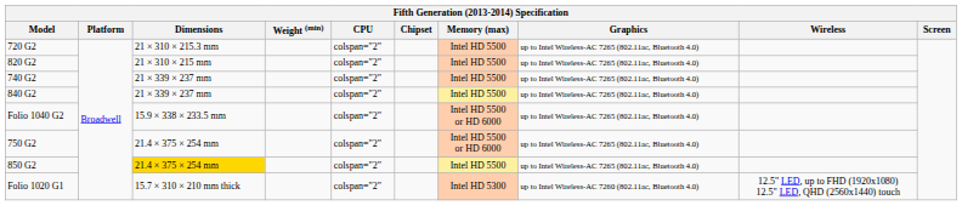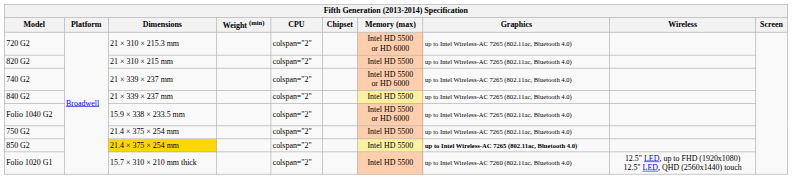 <table class="wikitable mw-collapsible mw-collapsed" style="font-size: 80%; width: 100%;">
 <tr>
 <th colspan="10">Fifth Generation (2013-2014) Specification</th>
 </tr>
 <tr>
 <th>Model</th>
 <th>Platform</th>
 <th>Dimensions</th>
 <th>Weight <sup>(min)</sup></th>
 <th>CPU</th>
 <th>Chipset</th>
 <th>Memory (max)</th>
 <th>Graphics</th>
 <th>Wireless</th>
 <th>Screen</th>
 </tr>
 <tr>
 <td>720 G2</td>
 <td rowspan="8"><a href='#'>Broadwell</a></td>
 <td>21 × 310 × 215.3 mm</td>
 <td></td>
 <td>colspan="2" </td>
 <td></td>
-<td style="text-align:center;background:#ffcead;">Intel HD 5500</td>
+<td style="text-align:center;background:#ffcead;">Intel HD 5500<br>or HD 6000</td>
 <td><small>up to Intel Wireless-AC 7265 (802.11ac, Bluetooth 4.0)</small></td>
 <td></td>
 </tr>
 <tr>
 <td>820 G2</td>
 <td>21 × 310 × 215 mm</td>
 <td></td>
 <td>colspan="2" </td>
 <td></td>
 <td style="text-align:center;background:#ffcead;">Intel HD 5500</td>
 <td><small>up to Intel Wireless-AC 7265 (802.11ac, Bluetooth 4.0)</small></td>
 <td></td>
 </tr>
 <tr>
 <td>740 G2</td>
 <td>21 × 339 × 237 mm</td>
 <td></td>
 <td>colspan="2" </td>
 <td></td>
-<td style="text-align:center;background:#ffcead;">Intel HD 5500</td>
+<td style="text-align:center;background:#ffcead;">Intel HD 5500<br>or HD 6000</td>
 <td><small>up to Intel Wireless-AC 7265 (802.11ac, Bluetooth 4.0)</small></td>
 <td></td>
 </tr>
 <tr>
 <td>840 G2</td>
 <td>21 × 339 × 237 mm</td>
 <td></td>
 <td>colspan="2" </td>
 <td></td>
 <td style="text-align:center;background:#fdf1a1;">Intel HD 5500<br></td>
 <td><small>up to Intel Wireless-AC 7265 (802.11ac, Bluetooth 4.0)</small></td>
 <td></td>
 </tr>
 <tr>
 <td>Folio 1040 G2</td>
 <td>15.9 × 338 × 233.5 mm</td>
 <td></td>
 <td>colspan="2" </td>
 <td></td>
 <td style="text-align:center;background:#ffcead;">Intel HD 5500<br>or HD 6000</td>
 <td><small>up to Intel Wireless-AC 7265 (802.11ac, Bluetooth 4.0)</small></td>
 <td></td>
 </tr>
 <tr>
 <td>750 G2</td>
 <td>21.4 × 375 × 254 mm</td>
 <td></td>
 <td>colspan="2" </td>
 <td></td>
-<td style="text-align:center;background:#ffcead;">Intel HD 5500<br>or HD 6000</td>
+<td style="text-align:center;background:#ffcead;">Intel HD 5500</td>
 <td><small>up to Intel Wireless-AC 7265 (802.11ac, Bluetooth 4.0)</small></td>
 <td></td>
 </tr>
 <tr>
 <td>850 G2</td>
 <td style="background: gold;">21.4 × 375 × 254 mm</td>
 <td></td>
 <td>colspan="2" </td>
 <td></td>
 <td style="text-align:center;background:#fdf1a1;">Intel HD 5500<br></td>
-<td><small>up to Intel Wireless-AC 7265 (802.11ac, Bluetooth 4.0)</small></td>
+<td><strong><small>up to Intel Wireless-AC 7265 (802.11ac, Bluetooth 4.0)</small></strong></td>
 <td></td>
 </tr>
 <tr>
 <td>Folio 1020 G1</td>
 <td>15.7 × 310 × 210 mm thick</td>
 <td></td>
 <td>colspan="2" </td>
 <td></td>
-<td style="text-align:center;background:#ffcead;">Intel HD 5300</td>
+<td style="text-align:center;background:#ffcead;">Intel HD 5500</td>
 <td><small>up to Intel Wireless-AC 7260 (802.11ac, Bluetooth 4.0)</small></td>
 <td style="text-align:center;background:">12.5" <a href='#'>LED</a>, up to FHD (1920x1080)<br>12.5" <a href='#'>LED</a>, QHD (2560x1440) touch</td>
 </tr>
 </table>
